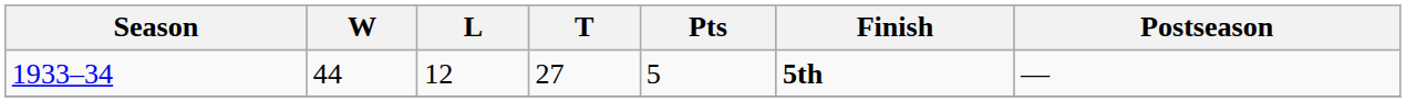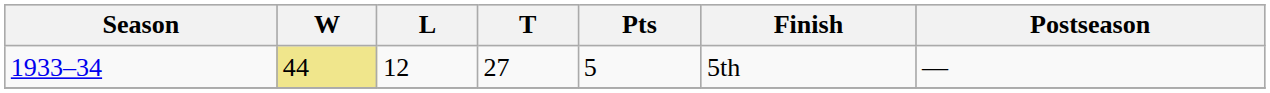 <table class="wikitable" width=39%>
 <tr>
 <th>Season</th>
 <th>W</th>
 <th>L</th>
 <th>T</th>
 <th>Pts</th>
 <th>Finish</th>
 <th>Postseason</th>
 </tr>
 <tr>
 <td><a href='#'>1933–34</a></td>
-<td>44</td>
+<td style="background: khaki;">44</td>
 <td>12</td>
 <td>27</td>
 <td>5</td>
-<td><strong>5th</strong></td>
+<td>5th</td>
 <td>—</td>
 </tr>
 <tr>
 </tr>
 </table>
